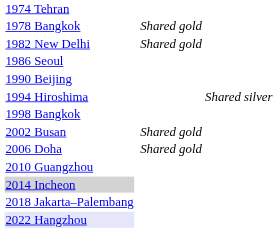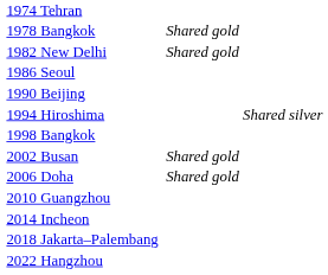 <table>
 <tr>
 <td><a href='#'>1974 Tehran</a></td>
 <td></td>
 <td></td>
 <td></td>
 </tr>
 <tr>
 <td rowspan=2><a href='#'>1978 Bangkok</a></td>
 <td></td>
 <td rowspan=2><em>Shared gold</em></td>
 <td rowspan=2></td>
 </tr>
 <tr>
 <td></td>
 </tr>
 <tr>
 <td rowspan=2><a href='#'>1982 New Delhi</a></td>
 <td></td>
 <td rowspan=2><em>Shared gold</em></td>
 <td rowspan=2></td>
 </tr>
 <tr>
 <td></td>
 </tr>
 <tr>
 <td><a href='#'>1986 Seoul</a></td>
 <td></td>
 <td></td>
 <td></td>
 </tr>
 <tr>
 <td rowspan=2><a href='#'>1990 Beijing</a></td>
 <td rowspan=2></td>
 <td rowspan=2></td>
 <td></td>
 </tr>
 <tr>
 <td></td>
 </tr>
 <tr>
 <td rowspan=2><a href='#'>1994 Hiroshima</a></td>
 <td rowspan=2></td>
 <td></td>
 <td rowspan=2><em>Shared silver</em></td>
 </tr>
 <tr>
 <td></td>
 </tr>
 <tr>
 <td rowspan=2><a href='#'>1998 Bangkok</a></td>
 <td rowspan=2></td>
 <td rowspan=2></td>
 <td></td>
 </tr>
 <tr>
 <td></td>
 </tr>
 <tr>
 <td rowspan=2><a href='#'>2002 Busan</a></td>
 <td></td>
 <td rowspan=2><em>Shared gold</em></td>
 <td></td>
 </tr>
 <tr>
 <td></td>
 <td></td>
 </tr>
 <tr>
 <td rowspan=2><a href='#'>2006 Doha</a></td>
 <td></td>
 <td rowspan=2><em>Shared gold</em></td>
 <td rowspan=2></td>
 </tr>
 <tr>
 <td></td>
 </tr>
 <tr>
 <td><a href='#'>2010 Guangzhou</a></td>
 <td></td>
 <td></td>
 <td></td>
 </tr>
 <tr>
-<td style="background: lightgrey;"><a href='#'>2014 Incheon</a></td>
+<td><a href='#'>2014 Incheon</a></td>
 <td></td>
 <td></td>
 <td></td>
 </tr>
 <tr>
 <td><a href='#'>2018 Jakarta–Palembang</a></td>
 <td></td>
 <td></td>
 <td></td>
 </tr>
 <tr>
-<td style="background: lavender;"><a href='#'>2022 Hangzhou</a></td>
+<td><a href='#'>2022 Hangzhou</a></td>
 <td></td>
 <td></td>
 <td></td>
 </tr>
 </table>
